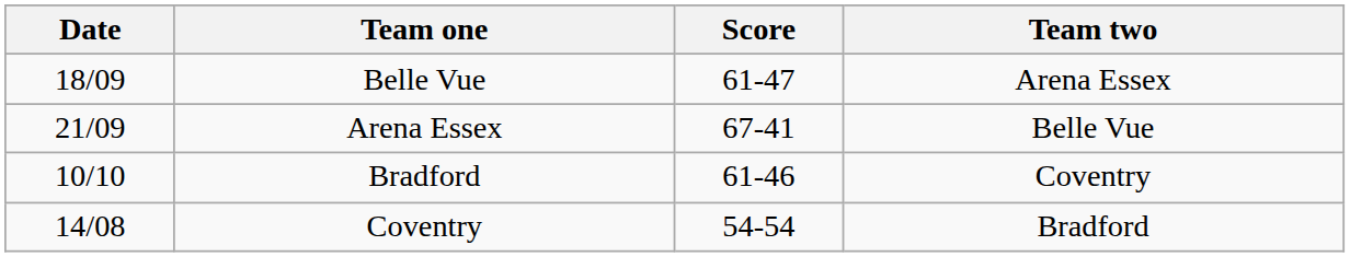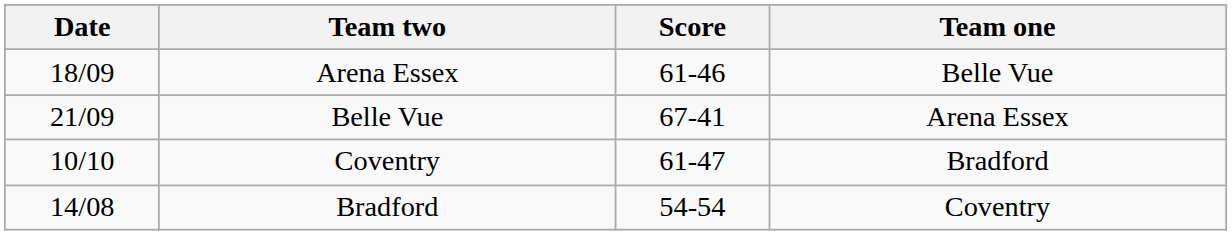 <table class="wikitable" style="text-align: center">
 <tr>
 <th width=80>Date</th>
+<th width=250>Team two</th>
+<th width=80>Score</th>
 <th width=250>Team one</th>
-<th width=80>Score</th>
-<th width=250>Team two</th>
 </tr>
 <tr>
 <td>18/09</td>
+<td>Arena Essex</td>
+<td>61-46</td>
 <td>Belle Vue</td>
-<td>61-47</td>
+</tr>
+<tr>
+<td>21/09</td>
+<td>Belle Vue</td>
+<td>67-41</td>
 <td>Arena Essex</td>
 </tr>
 <tr>
-<td>21/09</td>
-<td>Arena Essex</td>
-<td>67-41</td>
-<td>Belle Vue</td>
-</tr>
-<tr>
 <td>10/10</td>
+<td>Coventry</td>
+<td>61-47</td>
 <td>Bradford</td>
-<td>61-46</td>
-<td>Coventry</td>
 </tr>
 <tr>
 <td>14/08</td>
+<td>Bradford</td>
+<td>54-54</td>
 <td>Coventry</td>
-<td>54-54</td>
-<td>Bradford</td>
 </tr>
 </table>
